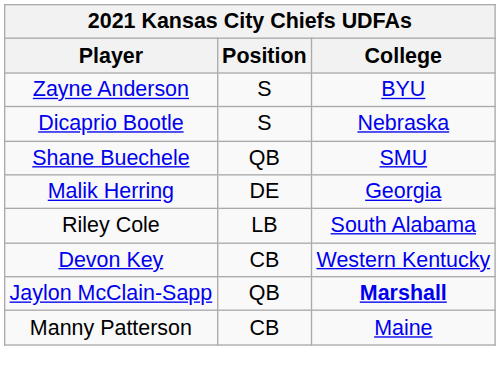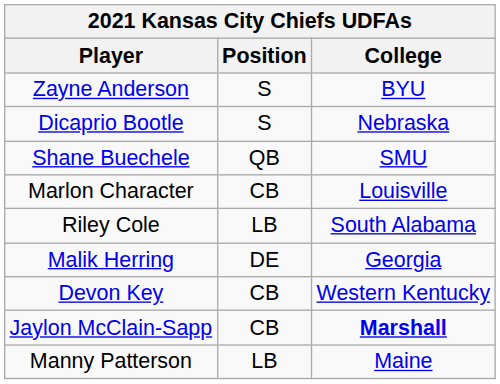 <table class="wikitable" style="text-align:center">
 <tr>
 <th colspan=3>2021 Kansas City Chiefs UDFAs</th>
 </tr>
 <tr>
 <th>Player</th>
 <th>Position</th>
 <th>College</th>
 </tr>
 <tr>
 <td><a href='#'>Zayne Anderson</a></td>
 <td>S</td>
 <td><a href='#'>BYU</a></td>
 </tr>
 <tr>
 <td><a href='#'>Dicaprio Bootle</a></td>
 <td>S</td>
 <td><a href='#'>Nebraska</a></td>
 </tr>
 <tr>
 <td><a href='#'>Shane Buechele</a></td>
 <td>QB</td>
 <td><a href='#'>SMU</a></td>
 </tr>
 <tr>
-<td><a href='#'>Malik Herring</a></td>
-<td>DE</td>
-<td><a href='#'>Georgia</a></td>
+<td>Marlon Character</td>
+<td>CB</td>
+<td><a href='#'>Louisville</a></td>
 </tr>
 <tr>
 <td>Riley Cole</td>
 <td>LB</td>
 <td><a href='#'>South Alabama</a></td>
+</tr>
+<tr>
+<td><a href='#'>Malik Herring</a></td>
+<td>DE</td>
+<td><a href='#'>Georgia</a></td>
 </tr>
 <tr>
 <td><a href='#'>Devon Key</a></td>
 <td>CB</td>
 <td><a href='#'>Western Kentucky</a></td>
 </tr>
 <tr>
 <td><a href='#'>Jaylon McClain-Sapp</a></td>
-<td>QB</td>
+<td>CB</td>
 <td><strong><a href='#'>Marshall</a></strong></td>
 </tr>
 <tr>
 <td>Manny Patterson</td>
-<td>CB</td>
+<td>LB</td>
 <td><a href='#'>Maine</a></td>
 </tr>
 </table>
